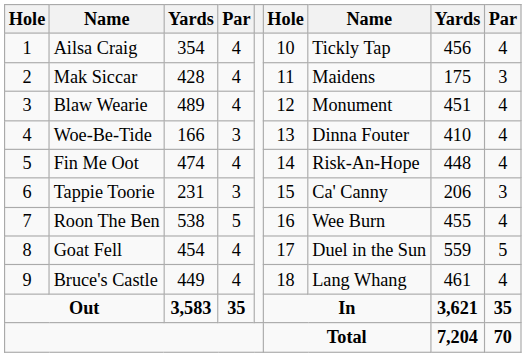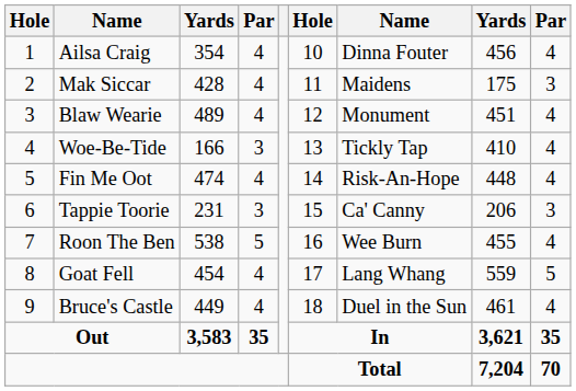 <table class=wikitable>
 <tr>
 <th>Hole</th>
 <th>Name</th>
 <th>Yards</th>
 <th>Par</th>
 <th></th>
 <th>Hole</th>
 <th>Name</th>
 <th>Yards</th>
 <th>Par</th>
 </tr>
 <tr>
 <td align=center>1</td>
 <td>Ailsa Craig</td>
 <td align=center>354</td>
 <td align=center>4</td>
 <td rowspan=10></td>
 <td align=center>10</td>
-<td>Tickly Tap</td>
+<td>Dinna Fouter</td>
 <td align=center>456</td>
 <td align=center>4</td>
 </tr>
 <tr>
 <td align=center>2</td>
 <td>Mak Siccar</td>
 <td align=center>428</td>
 <td align=center>4</td>
 <td align=center>11</td>
 <td>Maidens</td>
 <td align=center>175</td>
 <td align=center>3</td>
 </tr>
 <tr>
 <td align=center>3</td>
 <td>Blaw Wearie</td>
 <td align=center>489</td>
 <td align=center>4</td>
 <td align=center>12</td>
 <td>Monument</td>
 <td align=center>451</td>
 <td align=center>4</td>
 </tr>
 <tr>
 <td align=center>4</td>
 <td>Woe-Be-Tide</td>
 <td align=center>166</td>
 <td align=center>3</td>
 <td align=center>13</td>
-<td>Dinna Fouter</td>
+<td>Tickly Tap</td>
 <td align=center>410</td>
 <td align=center>4</td>
 </tr>
 <tr>
 <td align=center>5</td>
 <td>Fin Me Oot</td>
 <td align=center>474</td>
 <td align=center>4</td>
 <td align=center>14</td>
 <td>Risk-An-Hope</td>
 <td align=center>448</td>
 <td align=center>4</td>
 </tr>
 <tr>
 <td align=center>6</td>
 <td>Tappie Toorie</td>
 <td align=center>231</td>
 <td align=center>3</td>
 <td align=center>15</td>
 <td>Ca' Canny</td>
 <td align=center>206</td>
 <td align=center>3</td>
 </tr>
 <tr>
 <td align=center>7</td>
 <td>Roon The Ben</td>
 <td align=center>538</td>
 <td align=center>5</td>
 <td align=center>16</td>
 <td>Wee Burn</td>
 <td align=center>455</td>
 <td align=center>4</td>
 </tr>
 <tr>
 <td align=center>8</td>
 <td>Goat Fell</td>
 <td align=center>454</td>
 <td align=center>4</td>
 <td align=center>17</td>
-<td>Duel in the Sun</td>
+<td>Lang Whang</td>
 <td align=center>559</td>
 <td align=center>5</td>
 </tr>
 <tr>
 <td align=center>9</td>
 <td>Bruce's Castle</td>
 <td align=center>449</td>
 <td align=center>4</td>
 <td align=center>18</td>
-<td>Lang Whang</td>
+<td>Duel in the Sun</td>
 <td align=center>461</td>
 <td align=center>4</td>
 </tr>
 <tr>
 <td colspan=2 align=center><strong>Out</strong></td>
 <td align=center><strong>3,583</strong></td>
 <td align=center><strong>35</strong></td>
 <td colspan=2 align=center><strong>In</strong></td>
 <td align=center><strong>3,621</strong></td>
 <td align=center><strong>35</strong></td>
 </tr>
 <tr>
 <td colspan=5></td>
 <td colspan=2 align=center><strong>Total</strong></td>
 <td align=center><strong>7,204</strong></td>
 <td align=center><strong>70</strong></td>
 </tr>
 </table>
